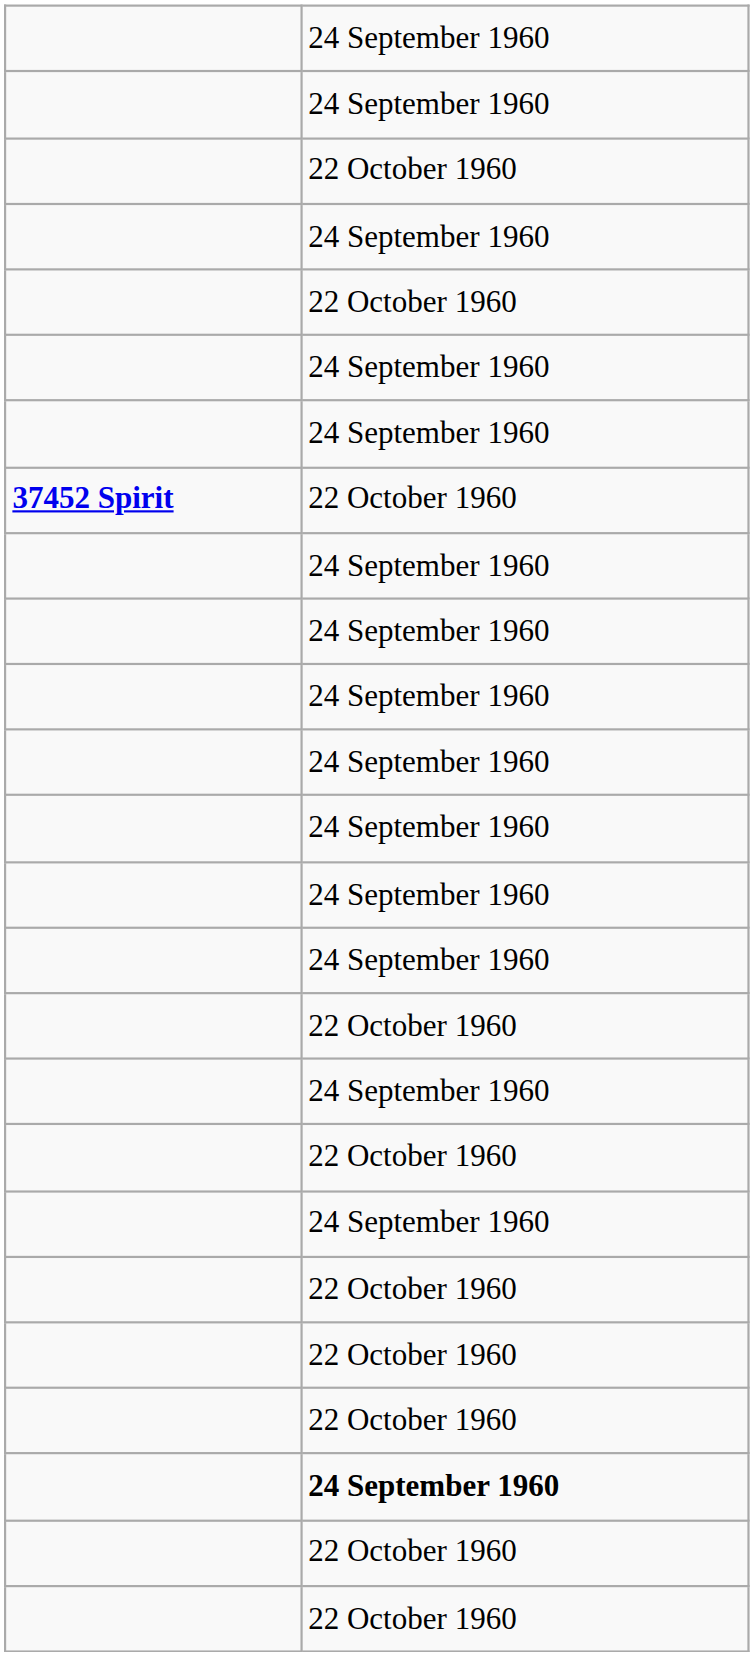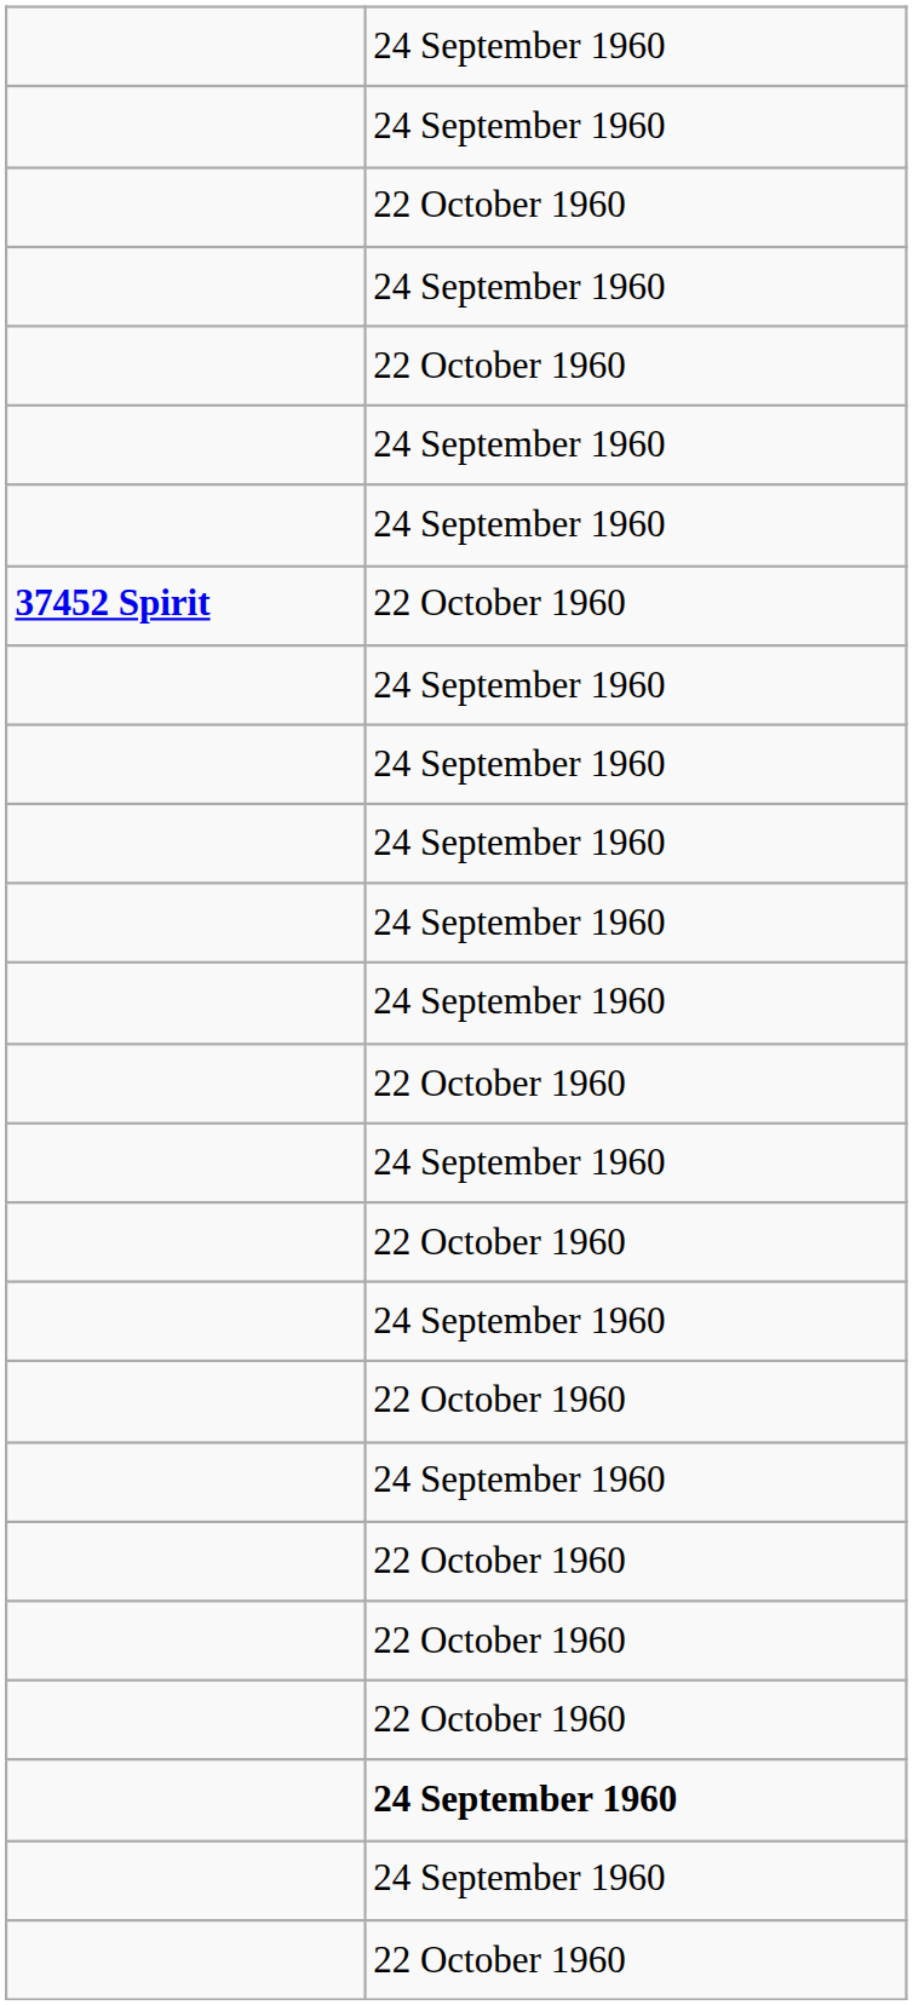 <table class="wikitable" style="font-size: 89%; float: left; width: 24em; margin-right: 1em; line-height: 1.65em">
 <tr>
 <td></td>
 <td>24 September 1960</td>
 </tr>
 <tr>
 <td></td>
 <td>24 September 1960</td>
 </tr>
 <tr>
 <td></td>
 <td>22 October 1960</td>
 </tr>
 <tr>
 <td></td>
 <td>24 September 1960</td>
 </tr>
 <tr>
 <td></td>
 <td>22 October 1960</td>
 </tr>
 <tr>
 <td></td>
 <td>24 September 1960</td>
 </tr>
 <tr>
 <td></td>
 <td>24 September 1960</td>
 </tr>
 <tr>
 <td><strong><a href='#'>37452 Spirit</a></strong></td>
 <td>22 October 1960</td>
 </tr>
 <tr>
 <td></td>
 <td>24 September 1960</td>
 </tr>
 <tr>
 <td></td>
 <td>24 September 1960</td>
 </tr>
 <tr>
 <td></td>
 <td>24 September 1960</td>
 </tr>
 <tr>
 <td></td>
 <td>24 September 1960</td>
 </tr>
 <tr>
 <td></td>
 <td>24 September 1960</td>
 </tr>
 <tr>
 <td></td>
-<td>24 September 1960</td>
+<td>22 October 1960</td>
 </tr>
 <tr>
 <td></td>
 <td>24 September 1960</td>
 </tr>
 <tr>
 <td></td>
 <td>22 October 1960</td>
 </tr>
 <tr>
 <td></td>
 <td>24 September 1960</td>
 </tr>
 <tr>
 <td></td>
 <td>22 October 1960</td>
 </tr>
 <tr>
 <td></td>
 <td>24 September 1960</td>
 </tr>
 <tr>
 <td></td>
 <td>22 October 1960</td>
 </tr>
 <tr>
 <td></td>
 <td>22 October 1960</td>
 </tr>
 <tr>
 <td></td>
 <td>22 October 1960</td>
 </tr>
 <tr>
 <td></td>
 <td><strong>24 September 1960</strong></td>
 </tr>
 <tr>
 <td></td>
-<td>22 October 1960</td>
+<td>24 September 1960</td>
 </tr>
 <tr>
 <td></td>
 <td>22 October 1960</td>
 </tr>
 </table>
